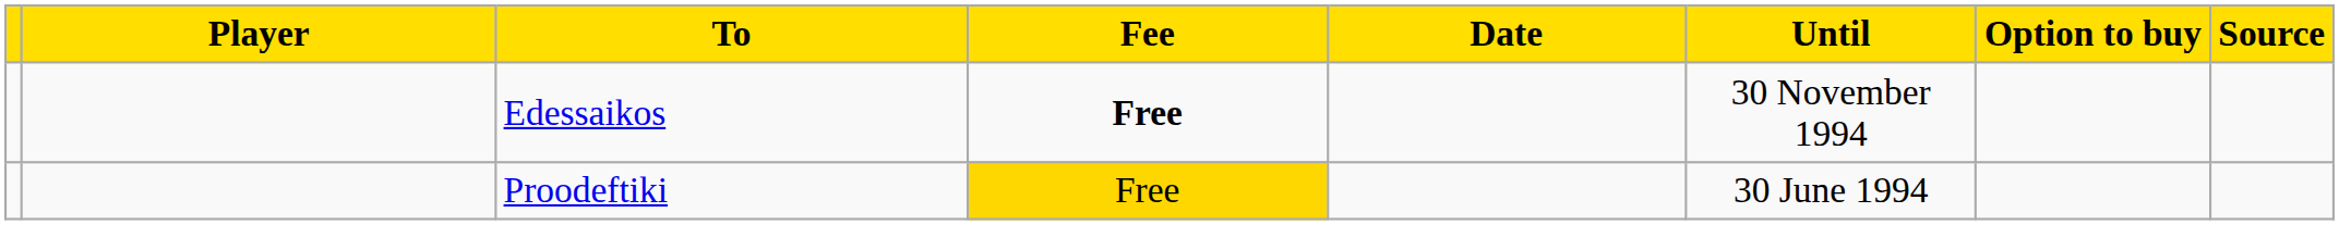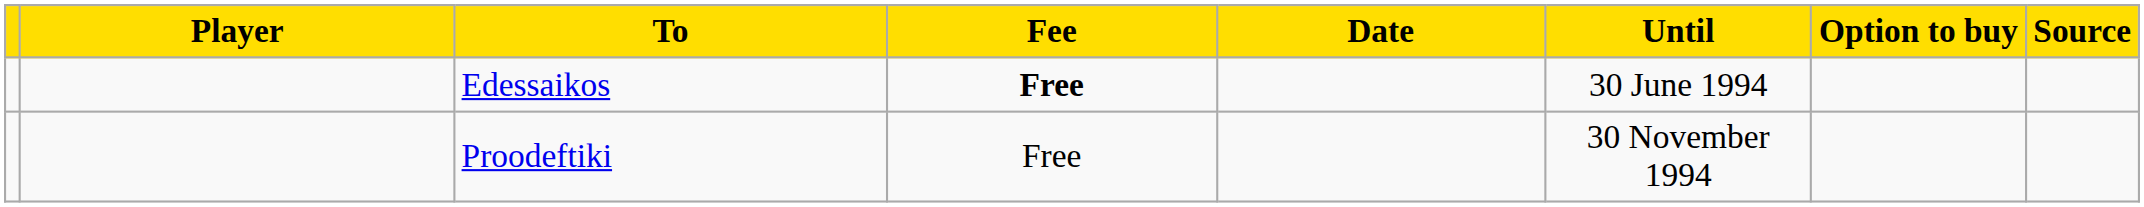 <table class="wikitable sortable">
 <tr>
 <th style="background:#FFDE00"></th>
 <th width=200 style="background:#FFDE00">Player</th>
 <th width=200 style="background:#FFDE00">To</th>
 <th width=150 style="background:#FFDE00">Fee</th>
 <th width=150 style="background:#FFDE00">Date</th>
 <th width=120 style="background:#FFDE00">Until</th>
 <th style="background:#FFDE00">Option to buy</th>
 <th style="background:#FFDE00">Source</th>
 </tr>
 <tr>
 <td align=center></td>
 <td></td>
 <td> <a href='#'>Edessaikos</a></td>
 <td align=center><strong>Free</strong></td>
 <td align=center></td>
-<td align=center>30 November 1994</td>
+<td align=center>30 June 1994</td>
 <td align=center></td>
 <td align=center></td>
 </tr>
 <tr>
 <td align=center></td>
 <td></td>
 <td> <a href='#'>Proodeftiki</a></td>
-<td align=center style="background: gold;">Free</td>
+<td align=center>Free</td>
 <td align=center></td>
-<td align=center>30 June 1994</td>
+<td align=center>30 November 1994</td>
 <td align=center></td>
 <td align=center></td>
 </tr>
 </table>
